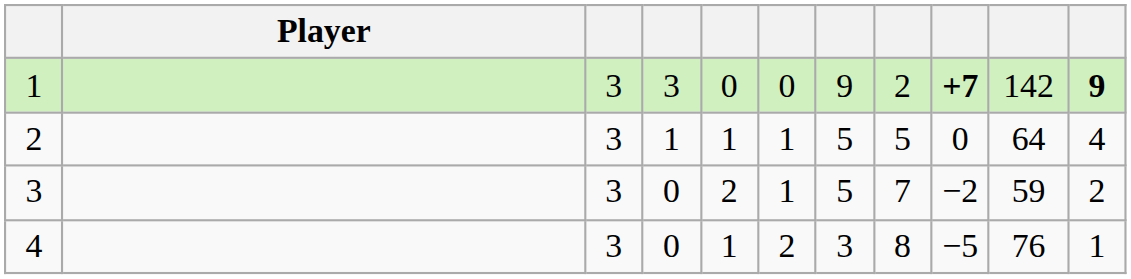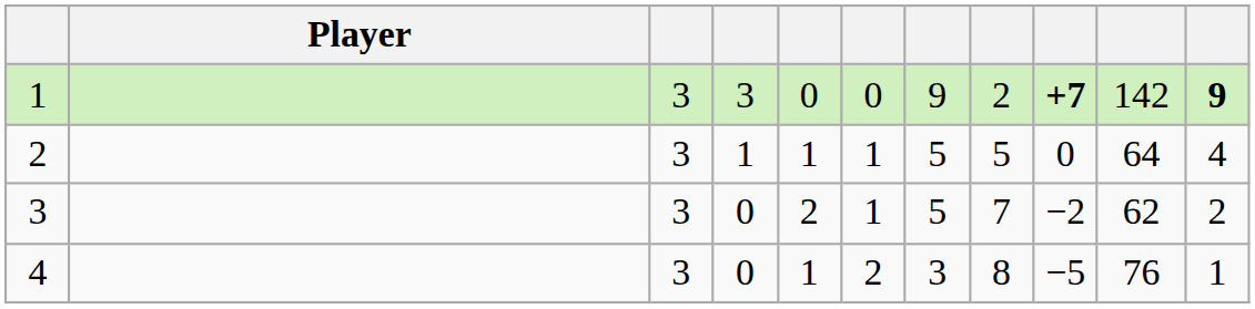 <table class="wikitable" style="text-align:center; margin: 1em auto 1em auto, align:left">
 <tr>
 <th width=20></th>
 <th width=240>Player</th>
 <th width=20></th>
 <th width=20></th>
 <th width=20></th>
 <th width=20></th>
 <th width=20></th>
 <th width=20></th>
 <th width=20></th>
 <th width=30></th>
 <th width=20></th>
 </tr>
 <tr style="background:#D0F0C0;">
 <td>1</td>
 <td align=left></td>
 <td>3</td>
 <td>3</td>
 <td>0</td>
 <td>0</td>
 <td>9</td>
 <td>2</td>
 <td><strong>+7</strong></td>
 <td>142</td>
 <td><strong>9</strong></td>
 </tr>
 <tr style=>
 <td>2</td>
 <td align=left></td>
 <td>3</td>
 <td>1</td>
 <td>1</td>
 <td>1</td>
 <td>5</td>
 <td>5</td>
 <td>0</td>
 <td>64</td>
 <td>4</td>
 </tr>
 <tr style=>
 <td>3</td>
 <td align=left></td>
 <td>3</td>
 <td>0</td>
 <td>2</td>
 <td>1</td>
 <td>5</td>
 <td>7</td>
 <td>−2</td>
-<td>59</td>
+<td>62</td>
 <td>2</td>
 </tr>
 <tr style=>
 <td>4</td>
 <td align=left></td>
 <td>3</td>
 <td>0</td>
 <td>1</td>
 <td>2</td>
 <td>3</td>
 <td>8</td>
 <td>−5</td>
 <td>76</td>
 <td>1</td>
 </tr>
 </table>
